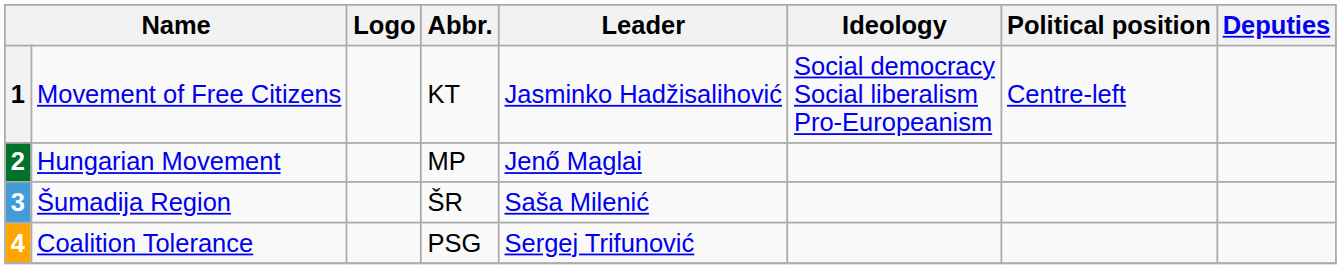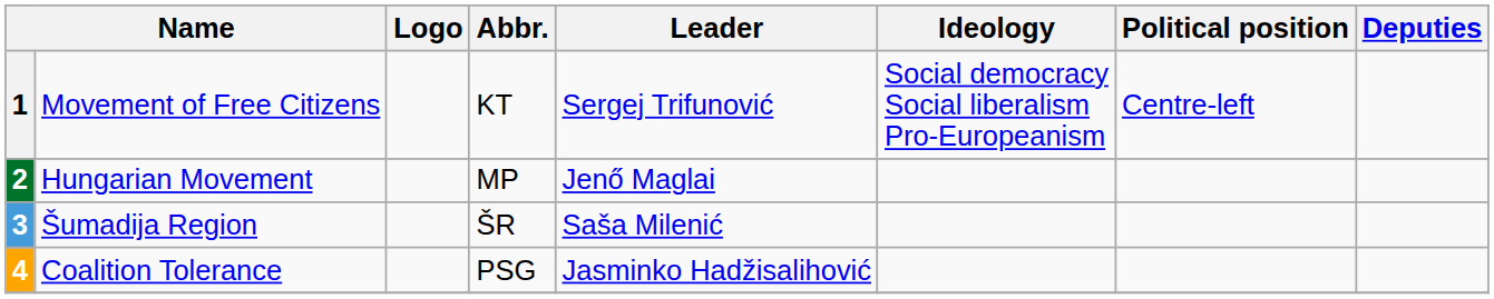 <table class="wikitable" style="text-align; font-size:90%;">
 <tr>
 <th colspan=2>Name</th>
 <th>Logo</th>
 <th>Abbr.</th>
 <th>Leader</th>
 <th>Ideology</th>
 <th>Political position</th>
 <th><a href='#'>Deputies</a></th>
 </tr>
 <tr>
 <th style="background-color:">1</th>
 <td><a href='#'>Movement of Free Citizens</a><br></td>
 <td></td>
 <td>KT</td>
-<td><a href='#'>Jasminko Hadžisalihović</a></td>
+<td><a href='#'>Sergej Trifunović</a></td>
 <td><a href='#'>Social democracy</a><br><a href='#'>Social liberalism</a><br><a href='#'>Pro-Europeanism</a></td>
 <td><a href='#'>Centre-left</a></td>
 <td></td>
 </tr>
 <tr>
 <th style="background-color:#00732B; color:white;">2</th>
 <td><a href='#'>Hungarian Movement</a><br></td>
 <td></td>
 <td>MP</td>
 <td><a href='#'>Jenő Maglai</a></td>
 <td></td>
 <td></td>
 <td></td>
 </tr>
 <tr>
 <th style="background-color:#439BDA; color:white;">3</th>
 <td><a href='#'>Šumadija Region</a><br></td>
 <td></td>
 <td>ŠR</td>
 <td><a href='#'>Saša Milenić</a></td>
 <td></td>
 <td></td>
 <td></td>
 </tr>
 <tr>
 <th style="background-color:orange; color:white;">4</th>
 <td><a href='#'>Coalition Tolerance</a><br></td>
 <td></td>
 <td>PSG</td>
-<td><a href='#'>Sergej Trifunović</a></td>
+<td><a href='#'>Jasminko Hadžisalihović</a></td>
 <td></td>
 <td></td>
 <td></td>
 </tr>
 <tr>
 </tr>
 </table>
